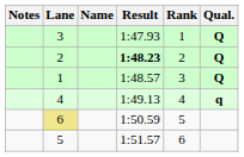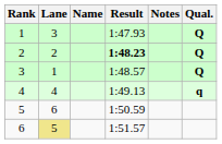 <table class="wikitable sortable" style="text-align:center">
 <tr>
-<th>Notes</th>
+<th>Rank</th>
 <th>Lane</th>
 <th>Name</th>
 <th>Result</th>
-<th>Rank</th>
+<th>Notes</th>
 <th>Qual.</th>
 </tr>
 <tr style="background:#cfc;">
-<td></td>
+<td>1</td>
 <td>3</td>
 <td align="left"></td>
 <td>1:47.93</td>
-<td>1</td>
+<td></td>
 <td><strong>Q</strong></td>
 </tr>
 <tr style="background:#cfc;">
-<td></td>
+<td>2</td>
 <td>2</td>
 <td align="left"></td>
 <td><strong>1:48.23</strong></td>
-<td>2</td>
+<td></td>
 <td><strong>Q</strong></td>
 </tr>
 <tr style="background:#cfc;">
-<td></td>
+<td>3</td>
 <td>1</td>
 <td align="left"></td>
 <td>1:48.57</td>
-<td>3</td>
+<td></td>
 <td><strong>Q</strong></td>
 </tr>
 <tr style="background:#dfd;">
-<td></td>
+<td>4</td>
 <td>4</td>
 <td align="left"></td>
 <td>1:49.13</td>
-<td>4</td>
+<td></td>
 <td><strong>q</strong></td>
 </tr>
 <tr>
-<td></td>
-<td style="background: khaki;">6</td>
+<td>5</td>
+<td>6</td>
 <td align="left"></td>
 <td>1:50.59</td>
-<td>5</td>
+<td></td>
 <td></td>
 </tr>
 <tr>
-<td></td>
-<td>5</td>
+<td>6</td>
+<td style="background: khaki;">5</td>
 <td align="left"></td>
 <td>1:51.57</td>
-<td>6</td>
+<td></td>
 <td></td>
 </tr>
 </table>
